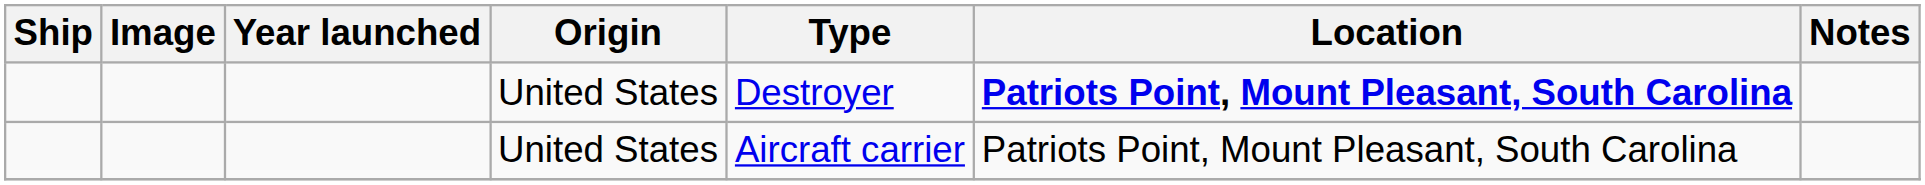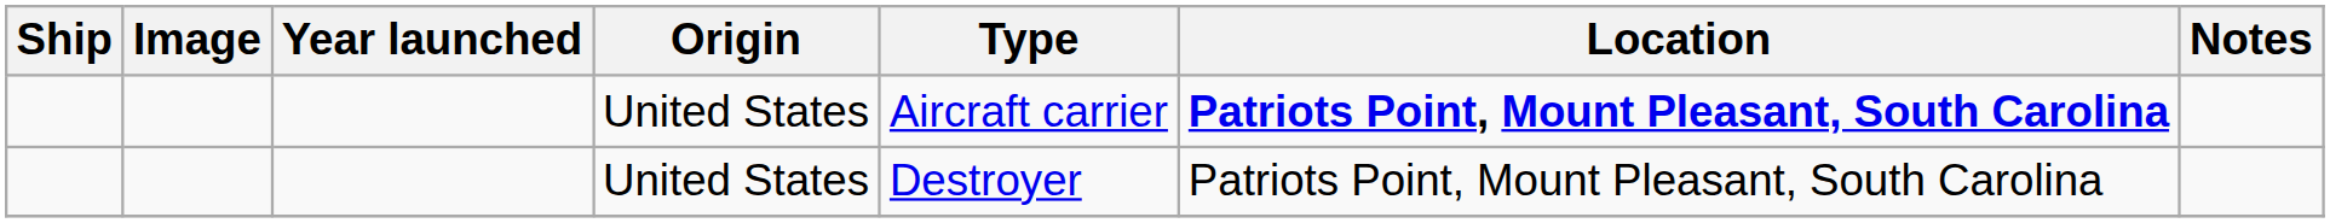 <table class="wikitable sortable">
 <tr>
 <th>Ship</th>
 <th>Image</th>
 <th>Year launched</th>
 <th>Origin</th>
 <th>Type</th>
 <th>Location</th>
 <th>Notes</th>
 </tr>
 <tr>
 <td data-sort-value=Laffey></td>
 <td></td>
 <td></td>
 <td> United States</td>
-<td><a href='#'>Destroyer</a></td>
+<td><a href='#'>Aircraft carrier</a></td>
 <td><strong><a href='#'>Patriots Point</a>, <a href='#'>Mount Pleasant, South Carolina</a><br></strong></td>
 <td></td>
 </tr>
 <tr>
 <td data-sort-value=Yorktown></td>
 <td></td>
 <td></td>
 <td> United States</td>
-<td><a href='#'>Aircraft carrier</a></td>
+<td><a href='#'>Destroyer</a></td>
 <td>Patriots Point, Mount Pleasant, South Carolina<br></td>
 <td></td>
 </tr>
 <tr>
 </tr>
 </table>
